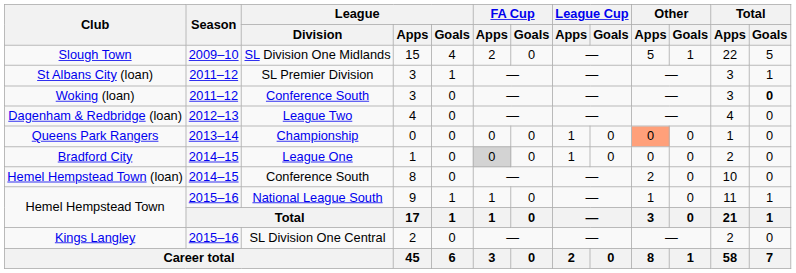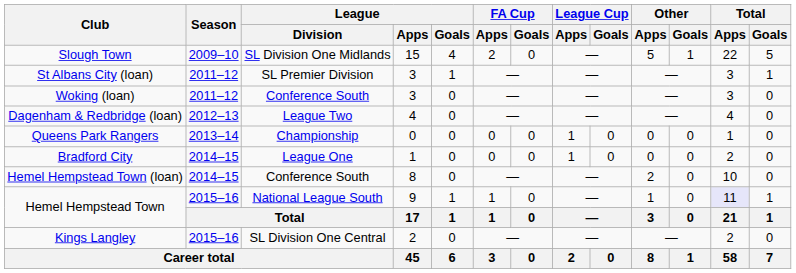 <table class="wikitable" style="text-align: center;">
 <tr>
 <th rowspan="2">Club</th>
 <th rowspan="2">Season</th>
 <th colspan="3">League</th>
 <th colspan="2"><a href='#'>FA Cup</a></th>
 <th colspan="2"><a href='#'>League Cup</a></th>
 <th colspan="2">Other</th>
 <th colspan="2">Total</th>
 </tr>
 <tr>
 <th>Division</th>
 <th>Apps</th>
 <th>Goals</th>
 <th>Apps</th>
 <th>Goals</th>
 <th>Apps</th>
 <th>Goals</th>
 <th>Apps</th>
 <th>Goals</th>
 <th>Apps</th>
 <th>Goals</th>
 </tr>
 <tr>
 <td><a href='#'>Slough Town</a></td>
 <td><a href='#'>2009–10</a></td>
 <td><a href='#'>SL</a> Division One Midlands</td>
 <td>15</td>
 <td>4</td>
 <td>2</td>
 <td>0</td>
 <td colspan="2">—</td>
 <td>5</td>
 <td>1</td>
 <td>22</td>
 <td>5</td>
 </tr>
 <tr>
 <td><a href='#'>St Albans City</a> (loan)</td>
 <td><a href='#'>2011–12</a></td>
 <td>SL Premier Division</td>
 <td>3</td>
 <td>1</td>
 <td colspan="2">—</td>
 <td colspan="2">—</td>
 <td colspan="2">—</td>
 <td>3</td>
 <td>1</td>
 </tr>
 <tr>
 <td><a href='#'>Woking</a> (loan)</td>
 <td><a href='#'>2011–12</a></td>
 <td><a href='#'>Conference South</a></td>
 <td>3</td>
 <td>0</td>
 <td colspan="2">—</td>
 <td colspan="2">—</td>
 <td colspan="2">—</td>
 <td>3</td>
-<td><strong>0</strong></td>
+<td>0</td>
 </tr>
 <tr>
 <td><a href='#'>Dagenham & Redbridge</a> (loan)</td>
 <td><a href='#'>2012–13</a></td>
 <td><a href='#'>League Two</a></td>
 <td>4</td>
 <td>0</td>
 <td colspan="2">—</td>
 <td colspan="2">—</td>
 <td colspan="2">—</td>
 <td>4</td>
 <td>0</td>
 </tr>
 <tr>
 <td><a href='#'>Queens Park Rangers</a></td>
 <td><a href='#'>2013–14</a></td>
 <td><a href='#'>Championship</a></td>
 <td>0</td>
 <td>0</td>
 <td>0</td>
 <td>0</td>
 <td>1</td>
 <td>0</td>
-<td style="background: lightsalmon;">0</td>
+<td>0</td>
 <td>0</td>
 <td>1</td>
 <td>0</td>
 </tr>
 <tr>
 <td><a href='#'>Bradford City</a></td>
 <td><a href='#'>2014–15</a></td>
 <td><a href='#'>League One</a></td>
 <td>1</td>
 <td>0</td>
-<td style="background: lightgrey;">0</td>
+<td>0</td>
 <td>0</td>
 <td>1</td>
 <td>0</td>
 <td>0</td>
 <td>0</td>
 <td>2</td>
 <td>0</td>
 </tr>
 <tr>
 <td><a href='#'>Hemel Hempstead Town</a> (loan)</td>
 <td><a href='#'>2014–15</a></td>
 <td>Conference South</td>
 <td>8</td>
 <td>0</td>
 <td colspan="2">—</td>
 <td colspan="2">—</td>
 <td>2</td>
 <td>0</td>
 <td>10</td>
 <td>0</td>
 </tr>
 <tr>
 <td rowspan="2">Hemel Hempstead Town</td>
 <td><a href='#'>2015–16</a></td>
 <td><a href='#'>National League South</a></td>
 <td>9</td>
 <td>1</td>
 <td>1</td>
 <td>0</td>
 <td colspan="2">—</td>
 <td>1</td>
 <td>0</td>
-<td>11</td>
+<td style="background: lavender;">11</td>
 <td>1</td>
 </tr>
 <tr>
 <th colspan="2">Total</th>
 <th>17</th>
 <th>1</th>
 <th>1</th>
 <th>0</th>
 <th colspan="2">—</th>
 <th>3</th>
 <th>0</th>
 <th>21</th>
 <th>1</th>
 </tr>
 <tr>
 <td><a href='#'>Kings Langley</a></td>
 <td><a href='#'>2015–16</a></td>
 <td>SL Division One Central</td>
 <td>2</td>
 <td>0</td>
 <td colspan="2">—</td>
 <td colspan="2">—</td>
 <td colspan="2">—</td>
 <td>2</td>
 <td>0</td>
 </tr>
 <tr>
 <th colspan="3">Career total</th>
 <th>45</th>
 <th>6</th>
 <th>3</th>
 <th>0</th>
 <th>2</th>
 <th>0</th>
 <th>8</th>
 <th>1</th>
 <th>58</th>
 <th>7</th>
 </tr>
 </table>
